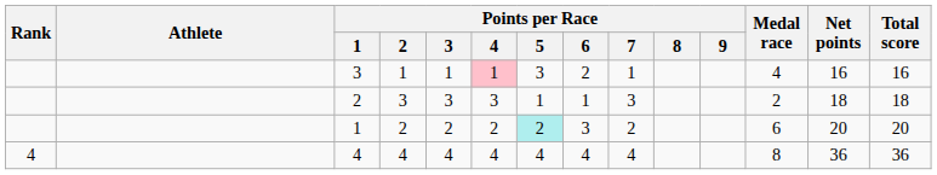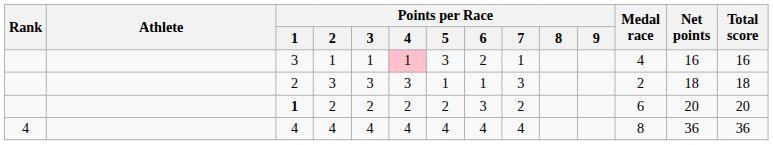 <table | class="wikitable Sortable" style="text-align:center">
 <tr>
 <th rowspan="2" width=40>Rank</th>
 <th rowspan="2" width=250>Athlete</th>
 <th colspan="9">Points per Race</th>
 <th rowspan="2" width=50>Medal race</th>
 <th rowspan="2" width=50>Net points</th>
 <th rowspan="2" width=50>Total score</th>
 </tr>
 <tr>
 <th width=35>1</th>
 <th width=35>2</th>
 <th width=35>3</th>
 <th width=35>4</th>
 <th width=35>5</th>
 <th width=35>6</th>
 <th width=35>7</th>
 <th width=35>8</th>
 <th width=35>9</th>
 </tr>
 <tr>
 <td></td>
 <td align=left></td>
 <td>3</td>
 <td>1</td>
 <td>1</td>
 <td style="background: pink;">1</td>
 <td>3</td>
 <td>2</td>
 <td>1</td>
 <td></td>
 <td></td>
 <td>4</td>
 <td>16</td>
 <td>16</td>
 </tr>
 <tr>
 <td></td>
 <td align=left></td>
 <td>2</td>
 <td>3</td>
 <td>3</td>
 <td>3</td>
 <td>1</td>
 <td>1</td>
 <td>3</td>
 <td></td>
 <td></td>
 <td>2</td>
 <td>18</td>
 <td>18</td>
 </tr>
 <tr>
 <td></td>
 <td align=left></td>
-<td>1</td>
+<td><strong>1</strong></td>
 <td>2</td>
 <td>2</td>
 <td>2</td>
-<td style="background: paleturquoise;">2</td>
+<td>2</td>
 <td>3</td>
 <td>2</td>
 <td></td>
 <td></td>
 <td>6</td>
 <td>20</td>
 <td>20</td>
 </tr>
 <tr>
 <td>4</td>
 <td align=left></td>
 <td>4</td>
 <td>4</td>
 <td>4</td>
 <td>4</td>
 <td>4</td>
 <td>4</td>
 <td>4</td>
 <td></td>
 <td></td>
 <td>8</td>
 <td>36</td>
 <td>36</td>
 </tr>
 </table>
